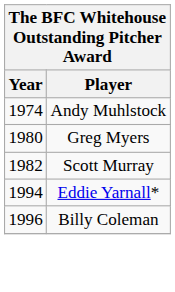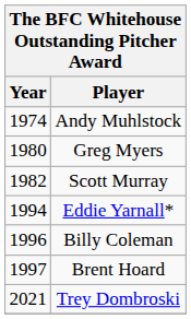 <table class="wikitable" style="display: inline-table; margin-right: 20px; text-align:center">
 <tr>
 <th scope="col" colspan="2" style="width: 145px;">The BFC Whitehouse Outstanding Pitcher Award</th>
 </tr>
 <tr>
 <th scope="col">Year</th>
 <th scope="col">Player</th>
 </tr>
 <tr>
 <td>1974</td>
 <td>Andy Muhlstock</td>
 </tr>
 <tr>
 <td>1980</td>
 <td>Greg Myers</td>
 </tr>
 <tr>
 <td>1982</td>
 <td>Scott Murray</td>
 </tr>
 <tr>
 <td>1994</td>
 <td><a href='#'>Eddie Yarnall</a>*</td>
 </tr>
 <tr>
 <td>1996</td>
 <td>Billy Coleman</td>
 </tr>
 <tr>
+<td>1997</td>
+<td>Brent Hoard</td>
+</tr>
+<tr>
+<td>2021</td>
+<td><a href='#'>Trey Dombroski</a></td>
+</tr>
+<tr>
 </tr>
 </table>
